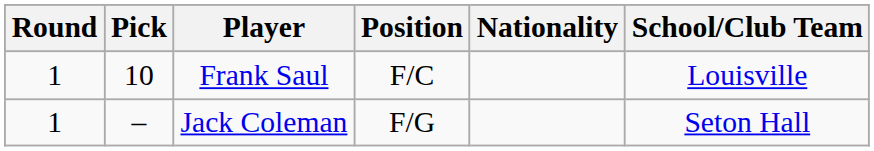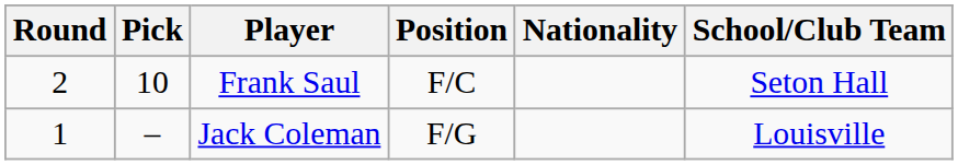 <table class="wikitable sortable sortable">
 <tr>
 <th>Round</th>
 <th>Pick</th>
 <th>Player</th>
 <th>Position</th>
 <th>Nationality</th>
 <th>School/Club Team</th>
 </tr>
 <tr style="text-align: center">
-<td>1</td>
+<td>2</td>
 <td>10</td>
 <td><a href='#'>Frank Saul</a></td>
 <td>F/C</td>
 <td></td>
-<td><a href='#'>Louisville</a></td>
+<td><a href='#'>Seton Hall</a></td>
 </tr>
 <tr style="text-align: center">
 <td>1</td>
 <td>–</td>
 <td><a href='#'>Jack Coleman</a></td>
 <td>F/G</td>
 <td></td>
-<td><a href='#'>Seton Hall</a></td>
+<td><a href='#'>Louisville</a></td>
 </tr>
 </table>
